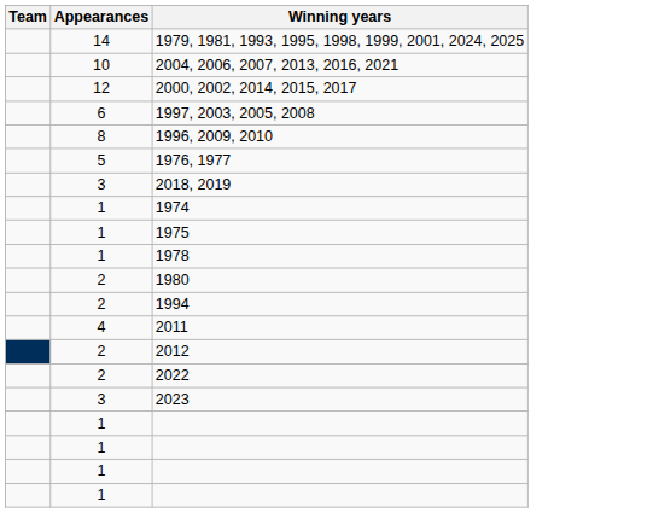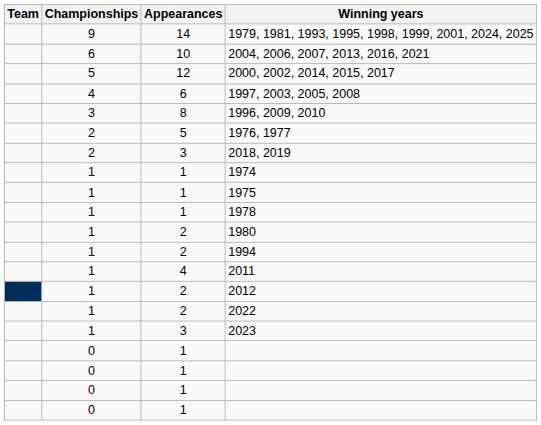 <table class="wikitable sortable" style=text-align:center>
 <tr>
 <th>Team</th>
+<th>Championships</th>
 <th>Appearances</th>
 <th>Winning years</th>
 </tr>
 <tr>
 <td style=><strong></strong></td>
+<td>9</td>
 <td>14</td>
 <td align=left>1979, 1981, 1993, 1995, 1998, 1999, 2001, 2024, 2025</td>
 </tr>
 <tr>
 <td style=><em></em></td>
+<td>6</td>
 <td>10</td>
 <td align=left>2004, 2006, 2007, 2013, 2016, 2021</td>
 </tr>
 <tr>
 <td style=><strong></strong></td>
+<td>5</td>
 <td>12</td>
 <td align=left>2000, 2002, 2014, 2015, 2017</td>
 </tr>
 <tr>
 <td style=><em></em></td>
+<td>4</td>
 <td>6</td>
 <td align=left>1997, 2003, 2005, 2008</td>
 </tr>
 <tr>
 <td style=><em><a href='#'></a></em> </td>
+<td>3</td>
 <td>8</td>
 <td align=left>1996, 2009, 2010</td>
 </tr>
 <tr>
 <td style=><em><a href='#'></a></em> </td>
+<td>2</td>
 <td>5</td>
 <td align=left>1976, 1977</td>
 </tr>
 <tr>
 <td style=><em></em></td>
+<td>2</td>
 <td>3</td>
 <td align=left>2018, 2019</td>
 </tr>
 <tr>
 <td><em></em></td>
 <td>1</td>
+<td>1</td>
 <td align=left>1974</td>
 </tr>
 <tr>
 <td><em><a href='#'></a></em></td>
+<td>1</td>
 <td>1</td>
 <td align=left>1975</td>
 </tr>
 <tr>
 <td style=><em><a href='#'></a></em></td>
 <td>1</td>
+<td>1</td>
 <td align=left>1978</td>
 </tr>
 <tr>
 <td><em></em></td>
+<td>1</td>
 <td>2</td>
 <td align=left>1980</td>
 </tr>
 <tr>
 <td><em><a href='#'></a></em></td>
+<td>1</td>
 <td>2</td>
 <td align=left>1994</td>
 </tr>
 <tr>
 <td style=><strong><a href='#'></a></strong></td>
+<td>1</td>
 <td>4</td>
 <td align=left>2011</td>
 </tr>
 <tr>
 <td bgcolor=002e5a><em><a href='#'></a></em></td>
+<td>1</td>
 <td>2</td>
 <td align=left>2012</td>
 </tr>
 <tr>
 <td><strong><a href='#'></a></strong></td>
+<td>1</td>
 <td>2</td>
 <td align=left>2022</td>
 </tr>
 <tr>
 <td style=><strong><a href='#'></a></strong></td>
+<td>1</td>
 <td>3</td>
 <td align=left>2023</td>
 </tr>
 <tr>
 <td style=><strong></strong></td>
+<td>0</td>
 <td>1</td>
 <td></td>
 </tr>
 <tr>
 <td style=><em></em></td>
+<td>0</td>
 <td>1</td>
 <td></td>
 </tr>
 <tr>
 <td style=><strong><a href='#'></a></strong></td>
+<td>0</td>
 <td>1</td>
 <td></td>
 </tr>
 <tr>
 <td style=><em><a href='#'></a></em></td>
+<td>0</td>
 <td>1</td>
 <td></td>
 </tr>
 </table>
